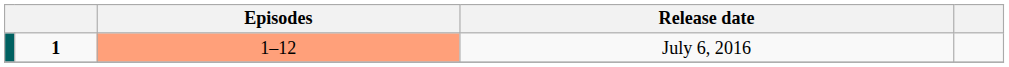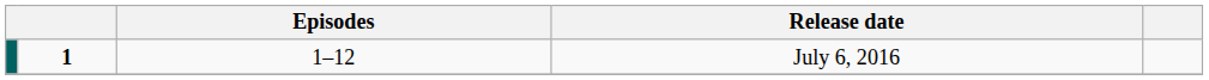 <table class="wikitable" style="text-align: center; width: 70%;">
 <tr>
 <th colspan="2"></th>
 <th>Episodes</th>
 <th>Release date</th>
 <th width="5%"></th>
 </tr>
 <tr>
 <td rowspan="1" width="1%" style="background: #006161;"></td>
 <td><strong>1</strong></td>
-<td style="background: lightsalmon;">1–12</td>
+<td>1–12</td>
 <td>July 6, 2016</td>
 <td></td>
 </tr>
 <tr>
 </tr>
 </table>
